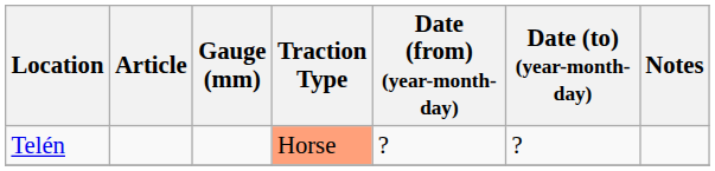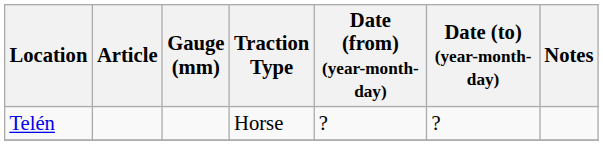 <table class="wikitable sortable">
 <tr>
 <th>Location</th>
 <th>Article</th>
 <th>Gauge<br> (mm)</th>
 <th>Traction<br>Type</th>
 <th width=80px>Date (from)<br><small>(year-month-day)</small></th>
 <th width=80px>Date (to)<br><small>(year-month-day)</small></th>
 <th>Notes</th>
 </tr>
 <tr>
 <td><a href='#'>Telén</a></td>
 <td> </td>
 <td align=right></td>
-<td style="background: lightsalmon;">Horse</td>
+<td>Horse</td>
 <td>?</td>
 <td>?</td>
 <td> </td>
 </tr>
 <tr>
 </tr>
 </table>
